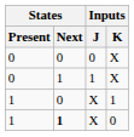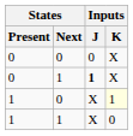 <table class="wikitable" border="1">
 <tr>
 <th colspan="2">States</th>
 <th colspan="2">Inputs</th>
 </tr>
 <tr>
 <th>Present</th>
 <th>Next</th>
 <th>J</th>
 <th>K</th>
 </tr>
 <tr>
 <td>0</td>
 <td>0</td>
 <td>0</td>
 <td>X</td>
 </tr>
 <tr>
 <td>0</td>
 <td>1</td>
-<td>1</td>
+<td><strong>1</strong></td>
 <td>X</td>
 </tr>
 <tr>
 <td>1</td>
 <td>0</td>
 <td>X</td>
-<td>1</td>
+<td style="background: lightyellow;">1</td>
 </tr>
 <tr>
 <td>1</td>
-<td><strong>1</strong></td>
+<td>1</td>
 <td>X</td>
 <td>0</td>
 </tr>
 </table>
